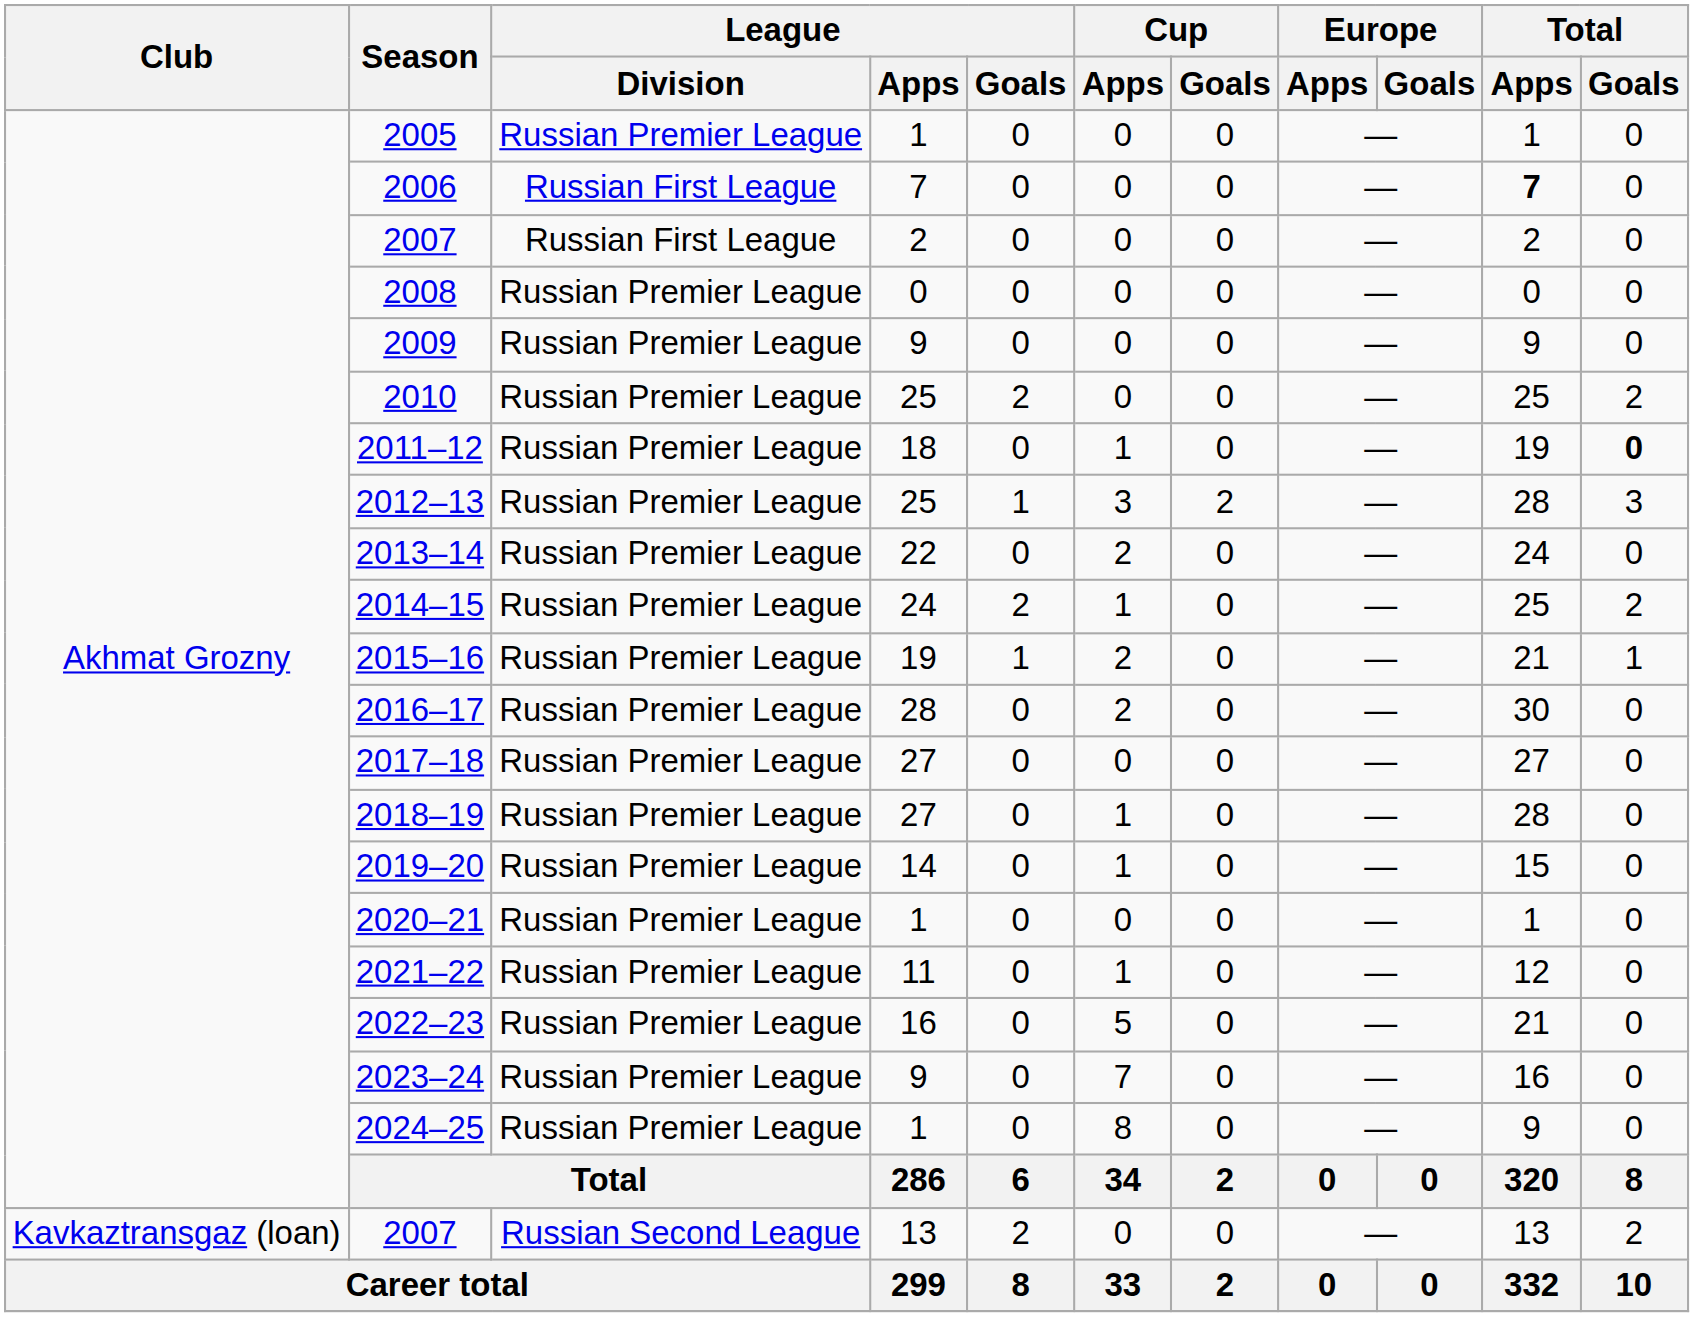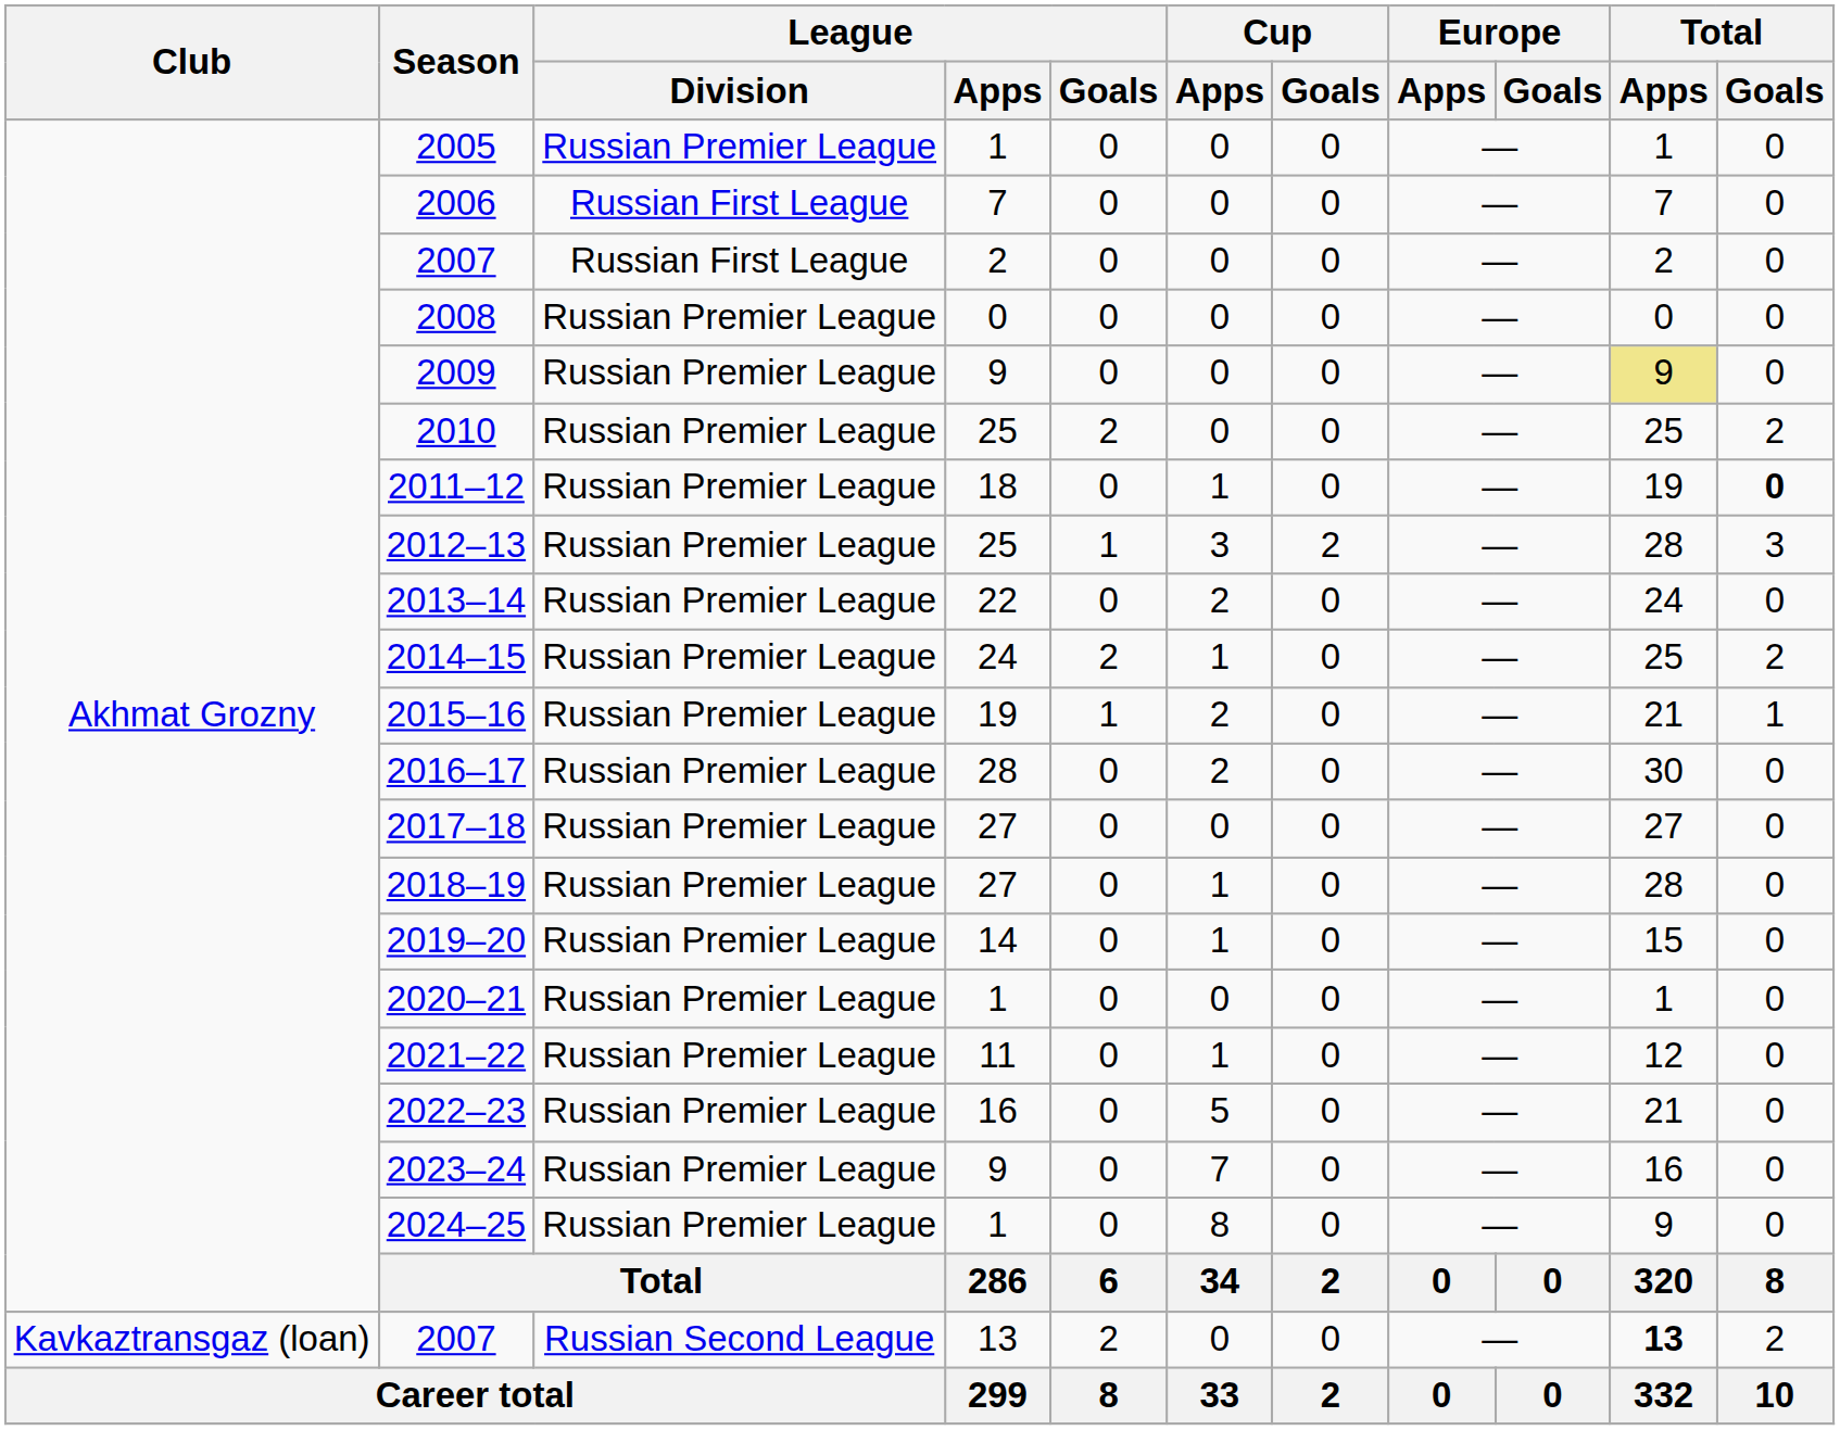 <table class="wikitable" style="text-align: center;">
 <tr>
 <th rowspan="2">Club</th>
 <th rowspan="2">Season</th>
 <th colspan="3">League</th>
 <th colspan="2">Cup</th>
 <th colspan="2">Europe</th>
 <th colspan="2">Total</th>
 </tr>
 <tr>
 <th>Division</th>
 <th>Apps</th>
 <th>Goals</th>
 <th>Apps</th>
 <th>Goals</th>
 <th>Apps</th>
 <th>Goals</th>
 <th>Apps</th>
 <th>Goals</th>
 </tr>
 <tr>
 <td rowspan="21"><a href='#'>Akhmat Grozny</a></td>
 <td><a href='#'>2005</a></td>
 <td><a href='#'>Russian Premier League</a></td>
 <td>1</td>
 <td>0</td>
 <td>0</td>
 <td>0</td>
 <td colspan="2">—</td>
 <td>1</td>
 <td>0</td>
 </tr>
 <tr>
 <td><a href='#'>2006</a></td>
 <td><a href='#'>Russian First League</a></td>
 <td>7</td>
 <td>0</td>
 <td>0</td>
 <td>0</td>
 <td colspan="2">—</td>
-<td><strong>7</strong></td>
+<td>7</td>
 <td>0</td>
 </tr>
 <tr>
 <td><a href='#'>2007</a></td>
 <td>Russian First League</td>
 <td>2</td>
 <td>0</td>
 <td>0</td>
 <td>0</td>
 <td colspan="2">—</td>
 <td>2</td>
 <td>0</td>
 </tr>
 <tr>
 <td><a href='#'>2008</a></td>
 <td>Russian Premier League</td>
 <td>0</td>
 <td>0</td>
 <td>0</td>
 <td>0</td>
 <td colspan="2">—</td>
 <td>0</td>
 <td>0</td>
 </tr>
 <tr>
 <td><a href='#'>2009</a></td>
 <td>Russian Premier League</td>
 <td>9</td>
 <td>0</td>
 <td>0</td>
 <td>0</td>
 <td colspan="2">—</td>
-<td>9</td>
+<td style="background: khaki;">9</td>
 <td>0</td>
 </tr>
 <tr>
 <td><a href='#'>2010</a></td>
 <td>Russian Premier League</td>
 <td>25</td>
 <td>2</td>
 <td>0</td>
 <td>0</td>
 <td colspan="2">—</td>
 <td>25</td>
 <td>2</td>
 </tr>
 <tr>
 <td><a href='#'>2011–12</a></td>
 <td>Russian Premier League</td>
 <td>18</td>
 <td>0</td>
 <td>1</td>
 <td>0</td>
 <td colspan="2">—</td>
 <td>19</td>
 <td><strong>0</strong></td>
 </tr>
 <tr>
 <td><a href='#'>2012–13</a></td>
 <td>Russian Premier League</td>
 <td>25</td>
 <td>1</td>
 <td>3</td>
 <td>2</td>
 <td colspan="2">—</td>
 <td>28</td>
 <td>3</td>
 </tr>
 <tr>
 <td><a href='#'>2013–14</a></td>
 <td>Russian Premier League</td>
 <td>22</td>
 <td>0</td>
 <td>2</td>
 <td>0</td>
 <td colspan="2">—</td>
 <td>24</td>
 <td>0</td>
 </tr>
 <tr>
 <td><a href='#'>2014–15</a></td>
 <td>Russian Premier League</td>
 <td>24</td>
 <td>2</td>
 <td>1</td>
 <td>0</td>
 <td colspan="2">—</td>
 <td>25</td>
 <td>2</td>
 </tr>
 <tr>
 <td><a href='#'>2015–16</a></td>
 <td>Russian Premier League</td>
 <td>19</td>
 <td>1</td>
 <td>2</td>
 <td>0</td>
 <td colspan="2">—</td>
 <td>21</td>
 <td>1</td>
 </tr>
 <tr>
 <td><a href='#'>2016–17</a></td>
 <td>Russian Premier League</td>
 <td>28</td>
 <td>0</td>
 <td>2</td>
 <td>0</td>
 <td colspan="2">—</td>
 <td>30</td>
 <td>0</td>
 </tr>
 <tr>
 <td><a href='#'>2017–18</a></td>
 <td>Russian Premier League</td>
 <td>27</td>
 <td>0</td>
 <td>0</td>
 <td>0</td>
 <td colspan="2">—</td>
 <td>27</td>
 <td>0</td>
 </tr>
 <tr>
 <td><a href='#'>2018–19</a></td>
 <td>Russian Premier League</td>
 <td>27</td>
 <td>0</td>
 <td>1</td>
 <td>0</td>
 <td colspan="2">—</td>
 <td>28</td>
 <td>0</td>
 </tr>
 <tr>
 <td><a href='#'>2019–20</a></td>
 <td>Russian Premier League</td>
 <td>14</td>
 <td>0</td>
 <td>1</td>
 <td>0</td>
 <td colspan="2">—</td>
 <td>15</td>
 <td>0</td>
 </tr>
 <tr>
 <td><a href='#'>2020–21</a></td>
 <td>Russian Premier League</td>
 <td>1</td>
 <td>0</td>
 <td>0</td>
 <td>0</td>
 <td colspan="2">—</td>
 <td>1</td>
 <td>0</td>
 </tr>
 <tr>
 <td><a href='#'>2021–22</a></td>
 <td>Russian Premier League</td>
 <td>11</td>
 <td>0</td>
 <td>1</td>
 <td>0</td>
 <td colspan="2">—</td>
 <td>12</td>
 <td>0</td>
 </tr>
 <tr>
 <td><a href='#'>2022–23</a></td>
 <td>Russian Premier League</td>
 <td>16</td>
 <td>0</td>
 <td>5</td>
 <td>0</td>
 <td colspan="2">—</td>
 <td>21</td>
 <td>0</td>
 </tr>
 <tr>
 <td><a href='#'>2023–24</a></td>
 <td>Russian Premier League</td>
 <td>9</td>
 <td>0</td>
 <td>7</td>
 <td>0</td>
 <td colspan="2">—</td>
 <td>16</td>
 <td>0</td>
 </tr>
 <tr>
 <td><a href='#'>2024–25</a></td>
 <td>Russian Premier League</td>
 <td>1</td>
 <td>0</td>
 <td>8</td>
 <td>0</td>
 <td colspan="2">—</td>
 <td>9</td>
 <td>0</td>
 </tr>
 <tr>
 <th colspan="2">Total</th>
 <th>286</th>
 <th>6</th>
 <th>34</th>
 <th>2</th>
 <th>0</th>
 <th>0</th>
 <th>320</th>
 <th>8</th>
 </tr>
 <tr>
 <td><a href='#'>Kavkaztransgaz</a> (loan)</td>
 <td><a href='#'>2007</a></td>
 <td><a href='#'>Russian Second League</a></td>
 <td>13</td>
 <td>2</td>
 <td>0</td>
 <td>0</td>
 <td colspan="2">—</td>
-<td>13</td>
+<td><strong>13</strong></td>
 <td>2</td>
 </tr>
 <tr>
 <th colspan=3>Career total</th>
 <th>299</th>
 <th>8</th>
 <th>33</th>
 <th>2</th>
 <th>0</th>
 <th>0</th>
 <th>332</th>
 <th>10</th>
 </tr>
 <tr>
 </tr>
 </table>
